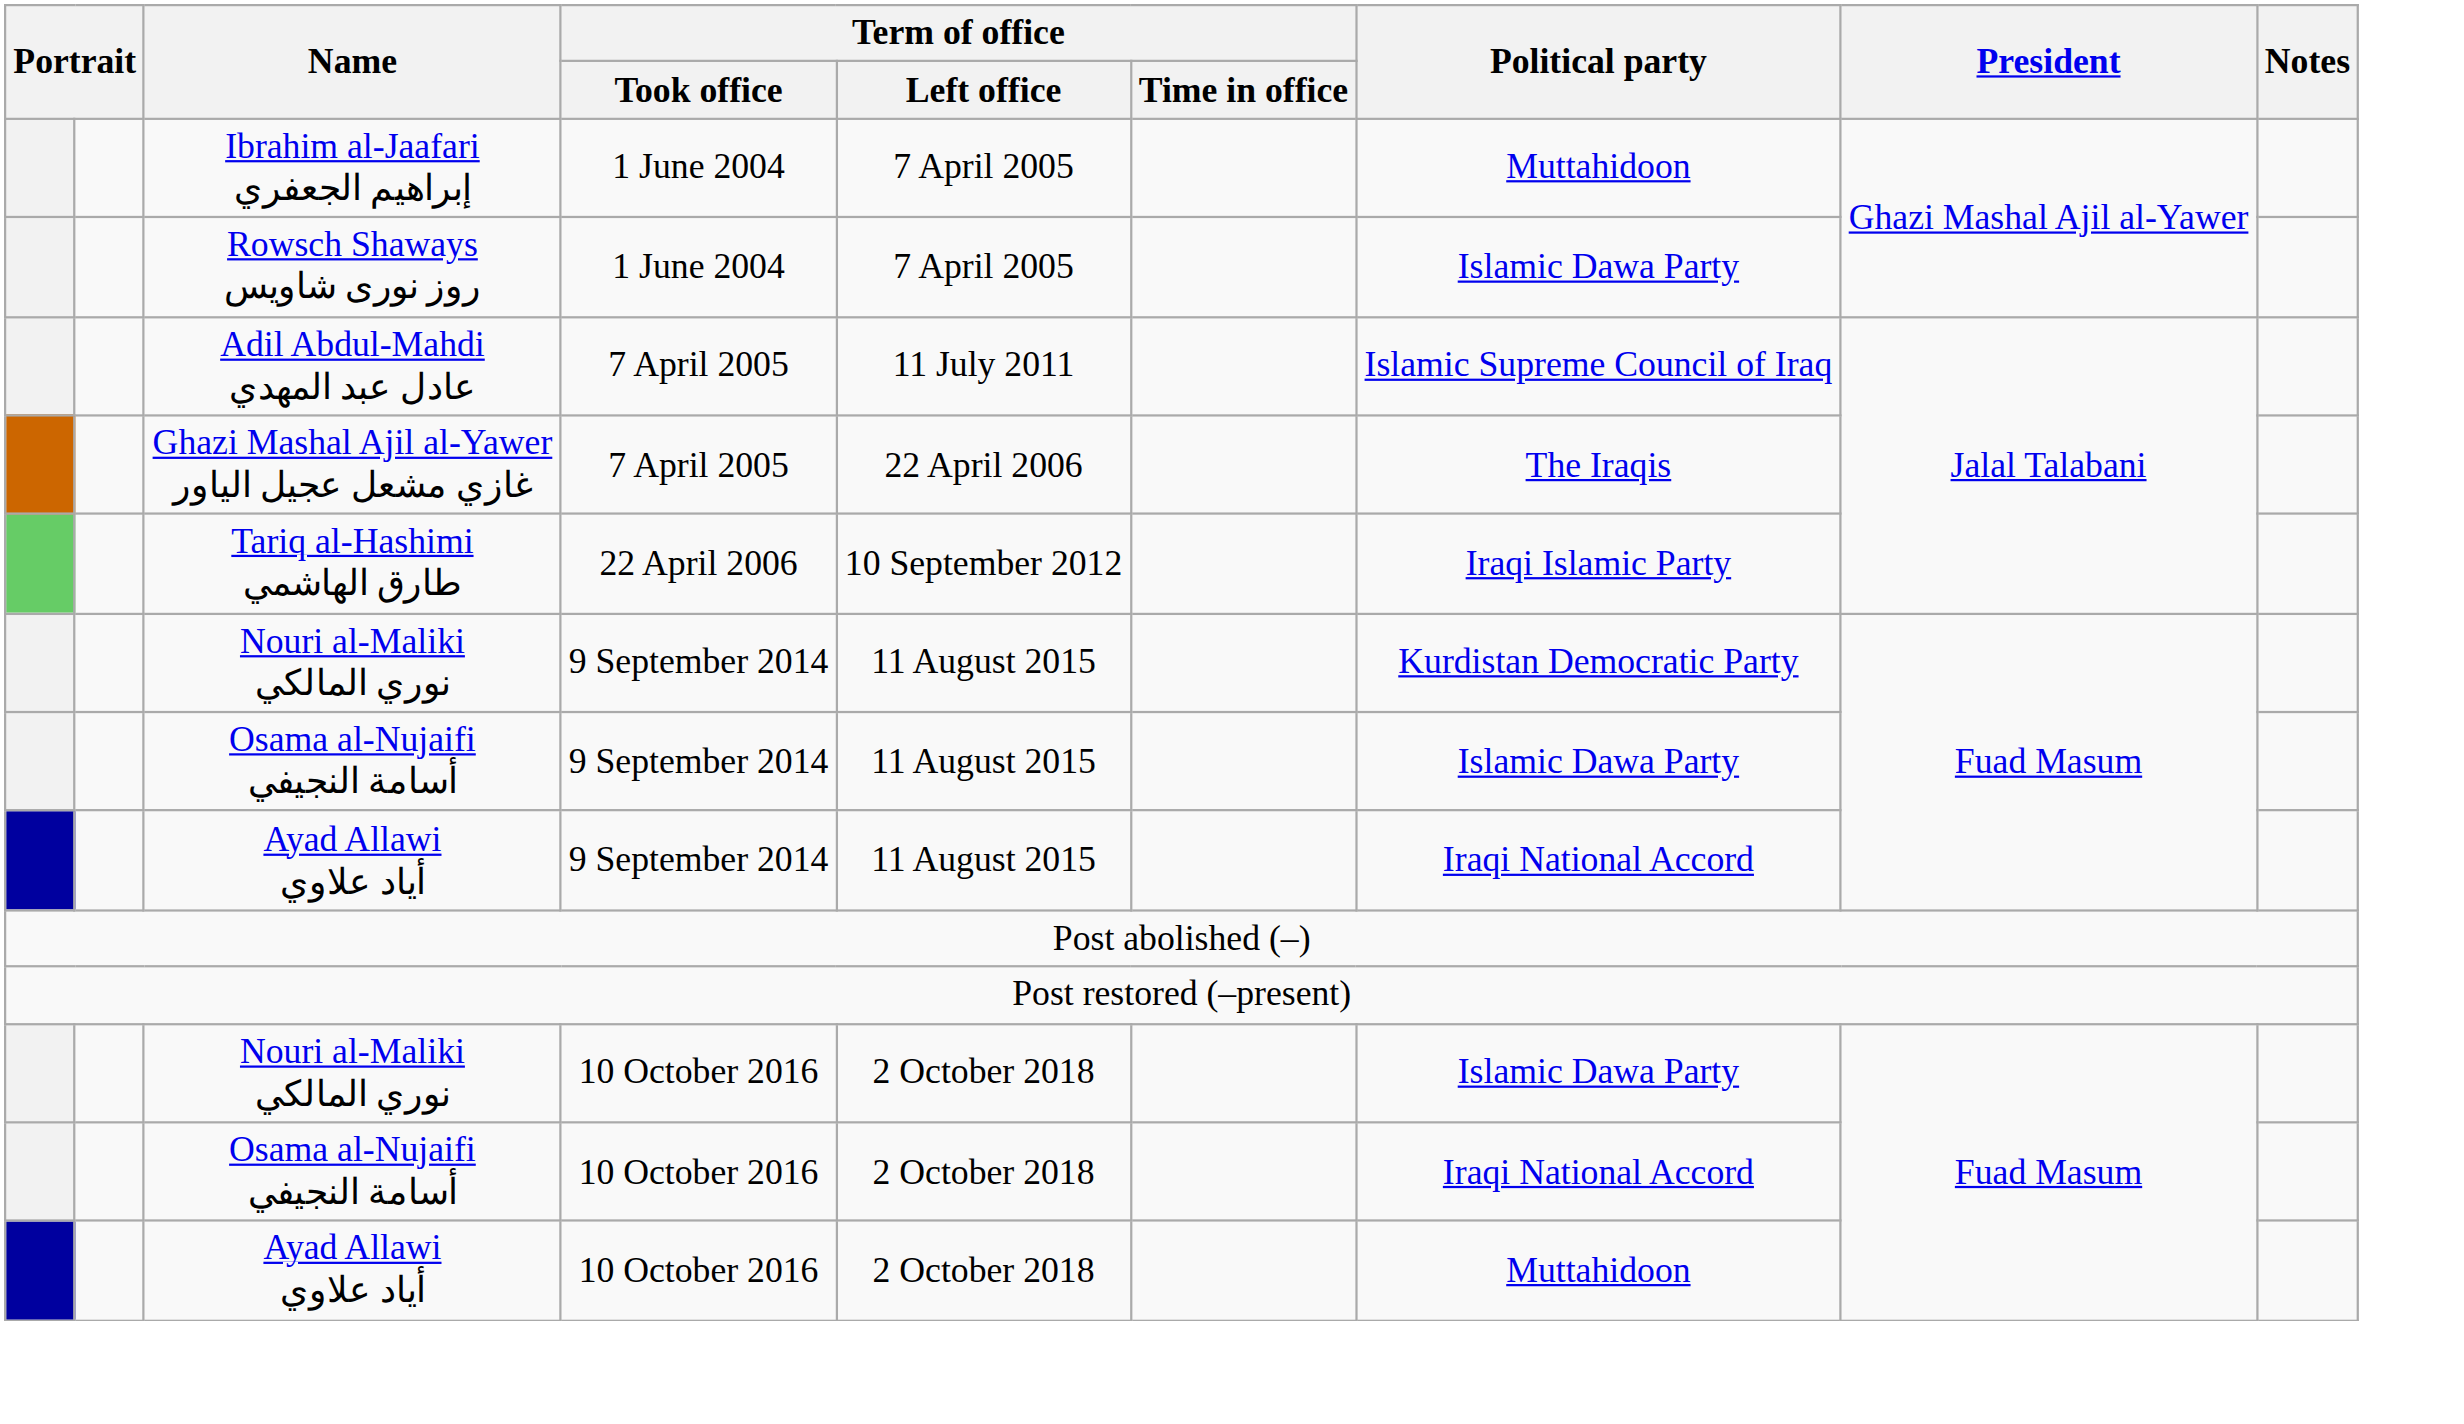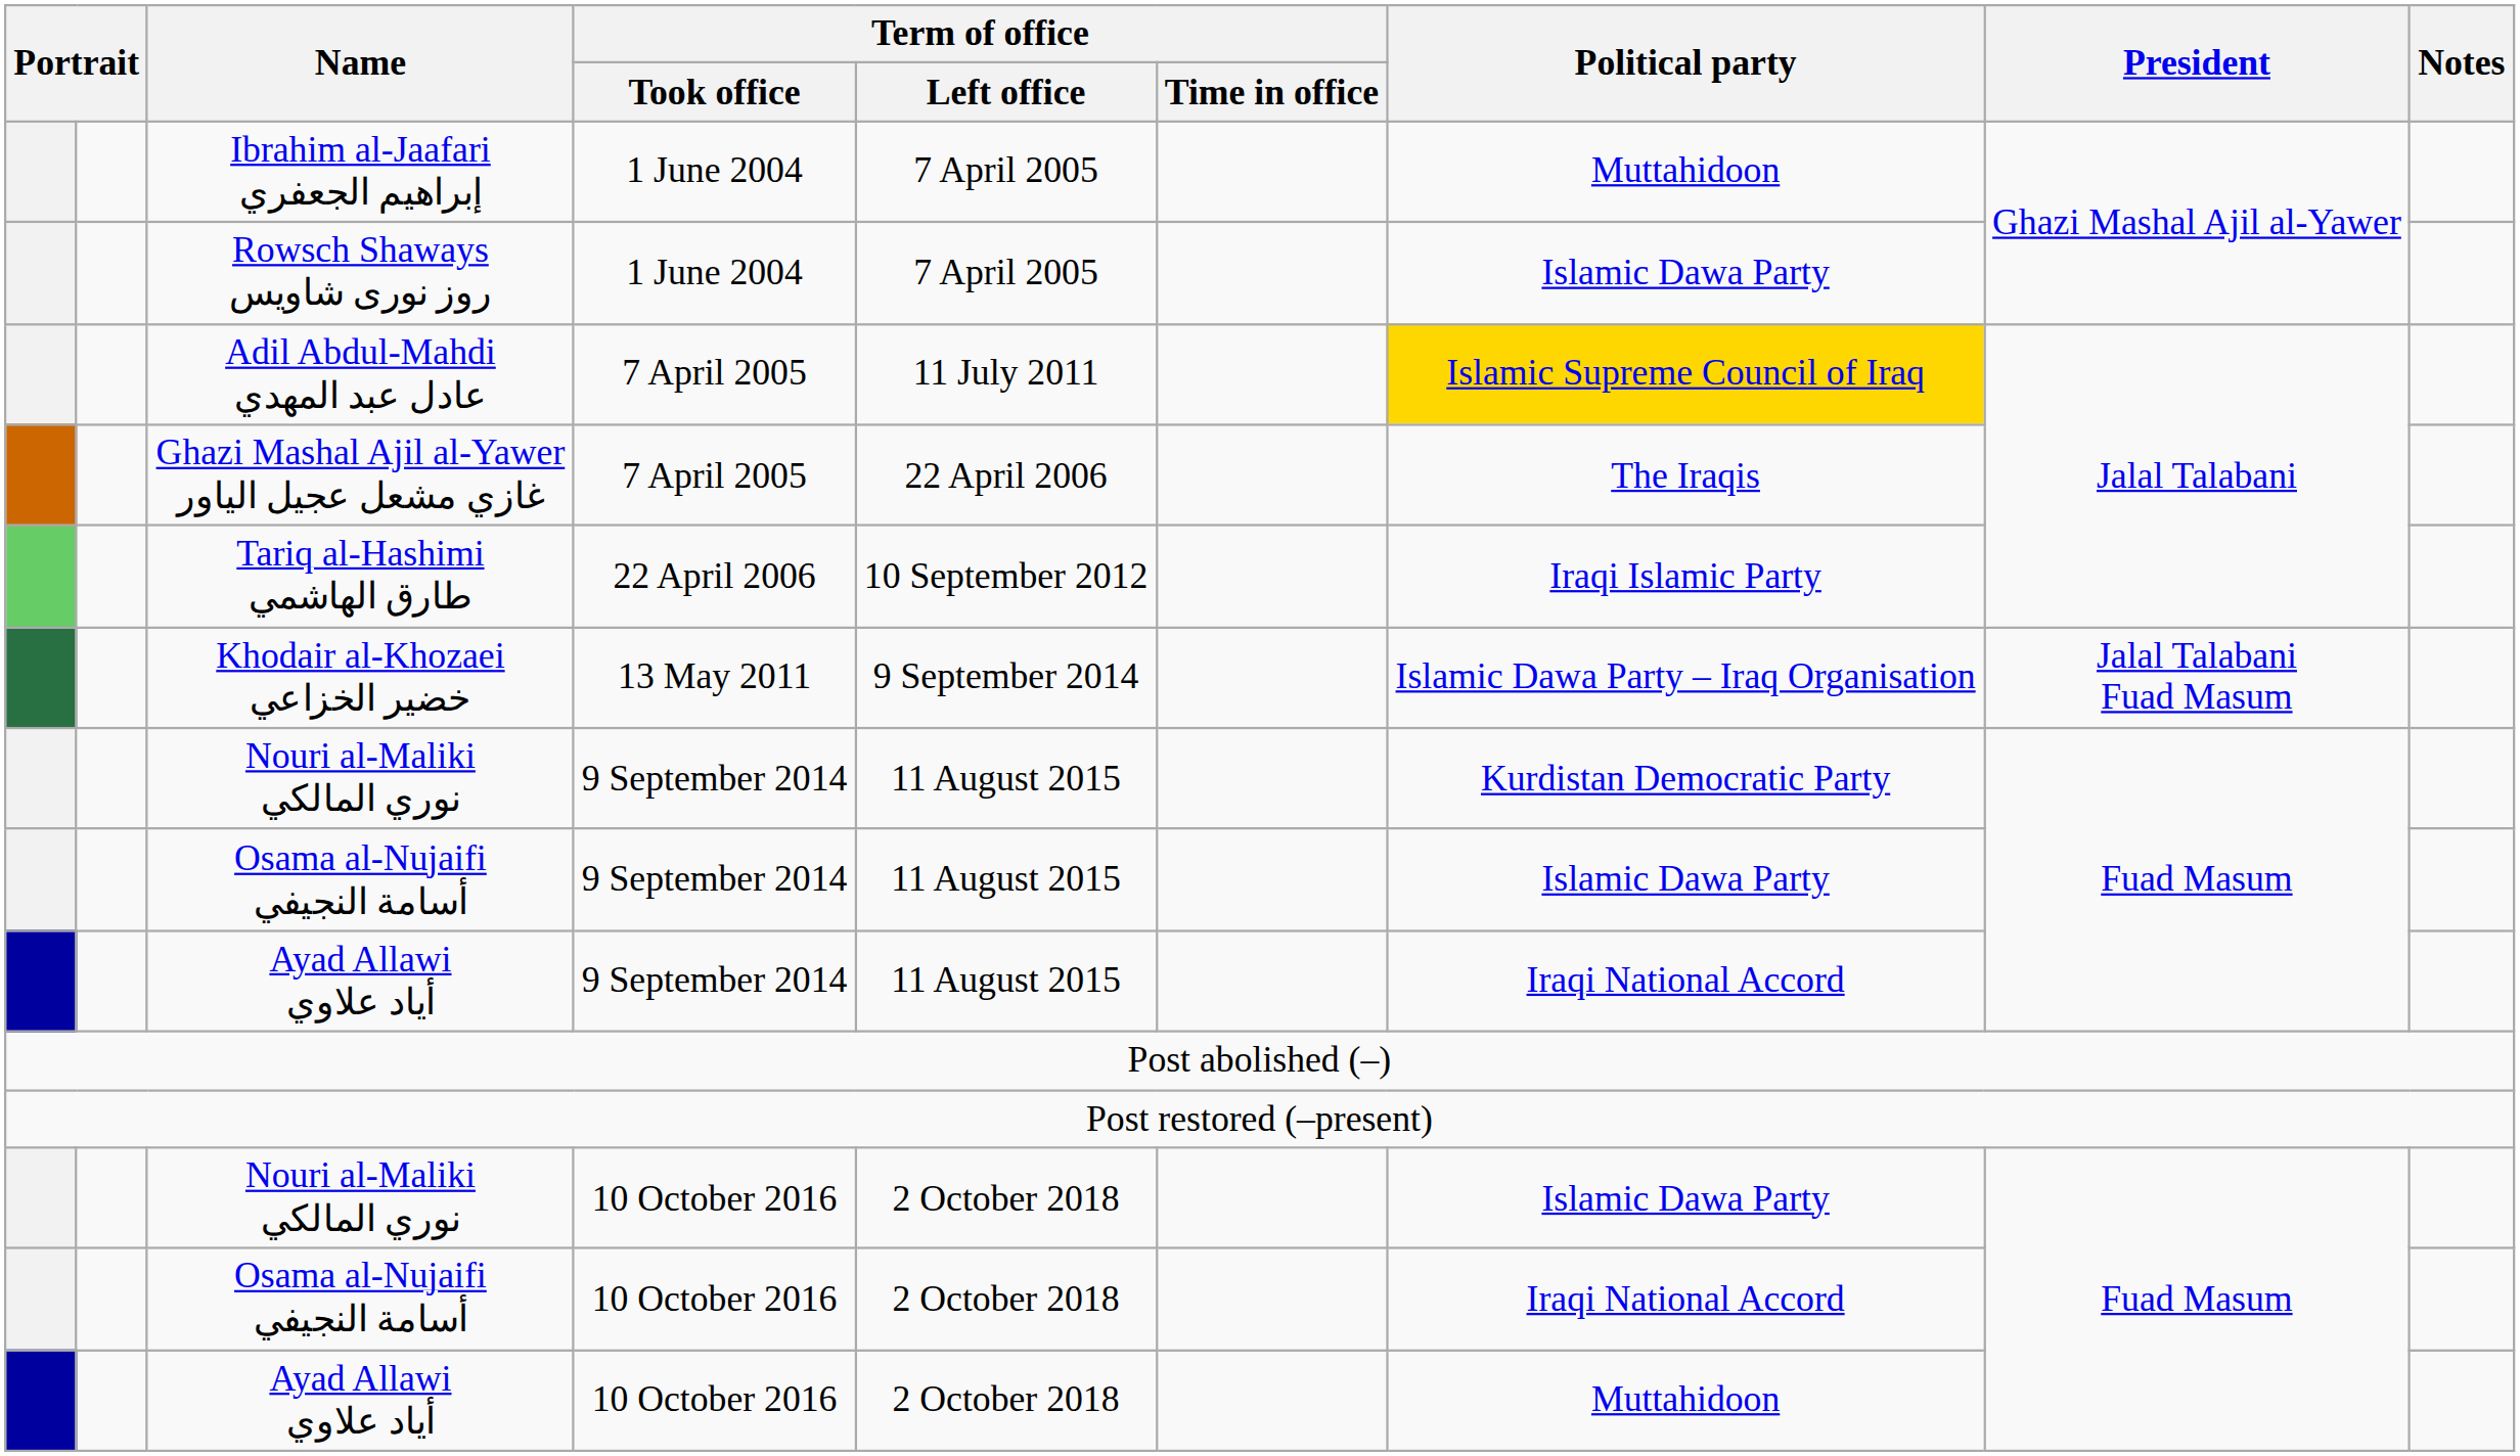 <table class="wikitable" style="text-align:center">
 <tr>
 <th colspan="2" rowspan="2">Portrait</th>
 <th rowspan="2">Name<br></th>
 <th colspan="3">Term of office</th>
 <th rowspan="2">Political party</th>
 <th rowspan="2"><a href='#'>President</a></th>
 <th rowspan="2">Notes</th>
 </tr>
 <tr>
 <th>Took office</th>
 <th>Left office</th>
 <th>Time in office</th>
 </tr>
 <tr>
 <th style="background-color:"></th>
 <td></td>
 <td><a href='#'>Ibrahim al-Jaafari</a><br>إبراهيم الجعفري<br></td>
 <td>1 June 2004</td>
 <td>7 April 2005</td>
 <td></td>
 <td><a href='#'>Muttahidoon</a></td>
 <td rowspan="2"><a href='#'>Ghazi Mashal Ajil al-Yawer</a></td>
 <td></td>
 </tr>
 <tr>
 <th style="background-color:"></th>
 <td></td>
 <td><a href='#'>Rowsch Shaways</a><br>روز نورى شاويس<br></td>
 <td>1 June 2004</td>
 <td>7 April 2005</td>
 <td></td>
 <td><a href='#'>Islamic Dawa Party</a></td>
 <td></td>
 </tr>
 <tr>
 <th style="background-color:"></th>
 <td></td>
 <td><a href='#'>Adil Abdul-Mahdi</a><br>عادل عبد المهدي<br></td>
 <td>7 April 2005</td>
 <td>11 July 2011</td>
 <td></td>
-<td><a href='#'>Islamic Supreme Council of Iraq</a></td>
+<td style="background: gold;"><a href='#'>Islamic Supreme Council of Iraq</a></td>
 <td rowspan="3"><a href='#'>Jalal Talabani</a></td>
 <td></td>
 </tr>
 <tr>
 <th style="background-color:#CC6600"></th>
 <td></td>
 <td><a href='#'>Ghazi Mashal Ajil al-Yawer</a><br>غازي مشعل عجيل الياور<br></td>
 <td>7 April 2005</td>
 <td>22 April 2006</td>
 <td></td>
 <td><a href='#'>The Iraqis</a></td>
 <td></td>
 </tr>
 <tr>
 <th style="background-color:#66CC66"></th>
 <td></td>
 <td><a href='#'>Tariq al-Hashimi</a><br>طارق الهاشمي<br></td>
 <td>22 April 2006</td>
 <td>10 September 2012</td>
 <td></td>
 <td><a href='#'>Iraqi Islamic Party</a></td>
+<td></td>
+</tr>
+<tr>
+<th style="background-color:#286F42"></th>
+<td></td>
+<td><a href='#'>Khodair al-Khozaei</a><br>خضير الخزاعي<br></td>
+<td>13 May 2011</td>
+<td>9 September 2014</td>
+<td></td>
+<td><a href='#'>Islamic Dawa Party – Iraq Organisation</a></td>
+<td><a href='#'>Jalal Talabani</a><br><a href='#'>Fuad Masum</a></td>
 <td></td>
 </tr>
 <tr>
 <th style="background-color:"></th>
 <td></td>
 <td><a href='#'>Nouri al-Maliki</a><br>نوري المالكي<br></td>
 <td>9 September 2014</td>
 <td>11 August 2015</td>
 <td></td>
 <td><a href='#'>Kurdistan Democratic Party</a></td>
 <td rowspan="3"><a href='#'>Fuad Masum</a></td>
 <td></td>
 </tr>
 <tr>
 <th style="background-color:"></th>
 <td></td>
 <td><a href='#'>Osama al-Nujaifi</a><br>أسامة النجيفي<br></td>
 <td>9 September 2014</td>
 <td>11 August 2015</td>
 <td></td>
 <td><a href='#'>Islamic Dawa Party</a></td>
 <td></td>
 </tr>
 <tr>
 <th style="background-color:#00009F"></th>
 <td></td>
 <td><a href='#'>Ayad Allawi</a><br>أياد علاوي<br></td>
 <td>9 September 2014</td>
 <td>11 August 2015</td>
 <td></td>
 <td><a href='#'>Iraqi National Accord</a></td>
 <td></td>
 </tr>
 <tr>
 <td colspan="9">Post abolished (–)</td>
 </tr>
 <tr>
 <td colspan="9">Post restored (–present)</td>
 </tr>
 <tr>
 <th style="background-color:"></th>
 <td></td>
 <td><a href='#'>Nouri al-Maliki</a><br>نوري المالكي<br></td>
 <td>10 October 2016</td>
 <td>2 October 2018</td>
 <td></td>
 <td><a href='#'>Islamic Dawa Party</a></td>
 <td rowspan="3"><a href='#'>Fuad Masum</a></td>
 <td></td>
 </tr>
 <tr>
 <th style="background-color:"></th>
 <td></td>
 <td><a href='#'>Osama al-Nujaifi</a><br>أسامة النجيفي<br></td>
 <td>10 October 2016</td>
 <td>2 October 2018</td>
 <td></td>
 <td><a href='#'>Iraqi National Accord</a></td>
 <td></td>
 </tr>
 <tr>
 <th style="background-color:#00009F"></th>
 <td></td>
 <td><a href='#'>Ayad Allawi</a><br>أياد علاوي<br></td>
 <td>10 October 2016</td>
 <td>2 October 2018</td>
 <td></td>
 <td><a href='#'>Muttahidoon</a></td>
 <td></td>
 </tr>
 </table>
